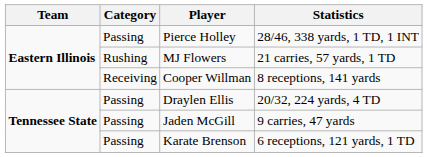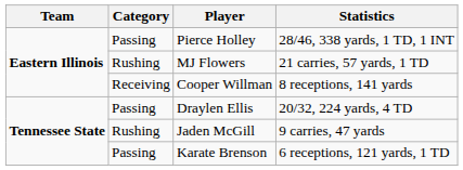 <table class="wikitable" style="float: right;">
 <tr>
 <th>Team</th>
 <th>Category</th>
 <th>Player</th>
 <th>Statistics</th>
 </tr>
 <tr>
 <td rowspan=3><strong>Eastern Illinois</strong></td>
 <td>Passing</td>
 <td>Pierce Holley</td>
 <td>28/46, 338 yards, 1 TD, 1 INT</td>
 </tr>
 <tr>
 <td>Rushing</td>
 <td>MJ Flowers</td>
 <td>21 carries, 57 yards, 1 TD</td>
 </tr>
 <tr>
 <td>Receiving</td>
 <td>Cooper Willman</td>
 <td>8 receptions, 141 yards</td>
 </tr>
 <tr>
 <td rowspan=3><strong>Tennessee State</strong></td>
 <td>Passing</td>
 <td>Draylen Ellis</td>
 <td>20/32, 224 yards, 4 TD</td>
 </tr>
 <tr>
-<td>Passing</td>
+<td>Rushing</td>
 <td>Jaden McGill</td>
 <td>9 carries, 47 yards</td>
 </tr>
 <tr>
 <td>Passing</td>
 <td>Karate Brenson</td>
 <td>6 receptions, 121 yards, 1 TD</td>
 </tr>
 </table>
